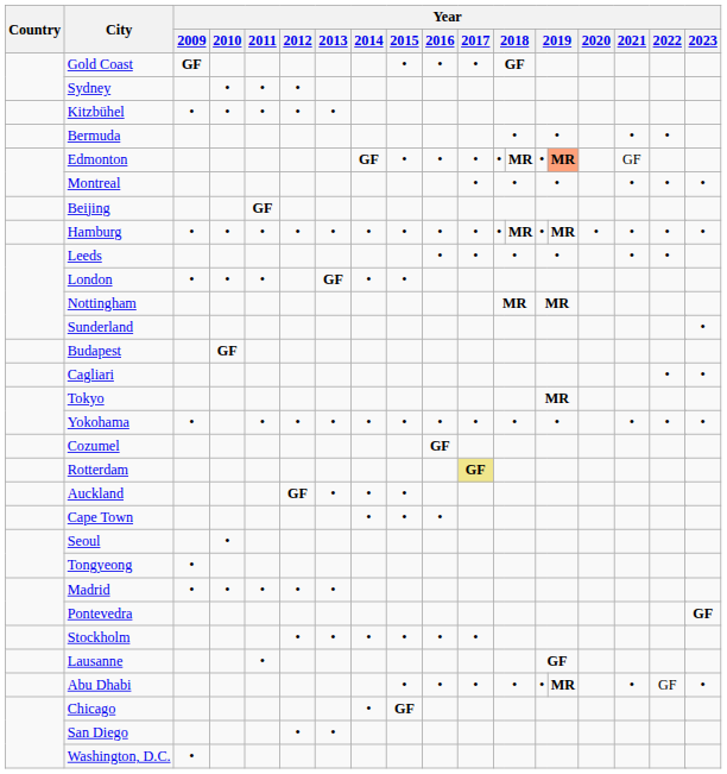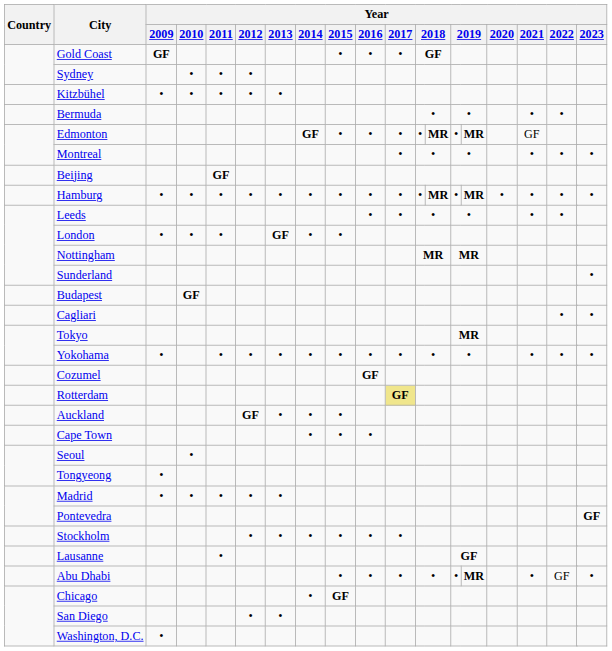 <table class="wikitable sortable" style="text-align:center; font-size:95%">
 <tr>
 <th rowspan="2">Country</th>
 <th rowspan="2">City</th>
 <th colspan="20">Year</th>
 </tr>
 <tr>
 <th><a href='#'>2009</a></th>
 <th><a href='#'>2010</a></th>
 <th><a href='#'>2011</a></th>
 <th><a href='#'>2012</a></th>
 <th><a href='#'>2013</a></th>
 <th><a href='#'>2014</a></th>
 <th><a href='#'>2015</a></th>
 <th><a href='#'>2016</a></th>
 <th><a href='#'>2017</a></th>
 <th colspan="2"><a href='#'>2018</a></th>
 <th colspan="2"><a href='#'>2019</a></th>
 <th colspan="2"><a href='#'>2020</a></th>
 <th colspan="2"><a href='#'>2021</a></th>
 <th colspan="2"><a href='#'>2022</a></th>
 <th colspan="2"><a href='#'>2023</a></th>
 </tr>
 <tr>
 <td rowspan="2" align="left"></td>
 <td align="left"><a href='#'>Gold Coast</a></td>
 <td><strong>GF</strong></td>
 <td></td>
 <td></td>
 <td></td>
 <td></td>
 <td></td>
 <td>•</td>
 <td>•</td>
 <td>•</td>
 <td colspan="2"><strong>GF</strong></td>
 <td colspan="2"></td>
 <td colspan="2"></td>
 <td colspan="2"></td>
 <td colspan="2"></td>
 <td></td>
 </tr>
 <tr>
 <td align="left"><a href='#'>Sydney</a></td>
 <td></td>
 <td>•</td>
 <td>•</td>
 <td>•</td>
 <td></td>
 <td></td>
 <td></td>
 <td></td>
 <td></td>
 <td colspan="2"></td>
 <td colspan="2"></td>
 <td colspan="2"></td>
 <td colspan="2"></td>
 <td colspan="2"></td>
 <td></td>
 </tr>
 <tr>
 <td align="left"></td>
 <td align="left"><a href='#'>Kitzbühel</a></td>
 <td>•</td>
 <td>•</td>
 <td>•</td>
 <td>•</td>
 <td>•</td>
 <td></td>
 <td></td>
 <td></td>
 <td></td>
 <td colspan="2"></td>
 <td colspan="2"></td>
 <td colspan="2"></td>
 <td colspan="2"></td>
 <td colspan="2"></td>
 <td></td>
 </tr>
 <tr>
 <td align="left"></td>
 <td align="left"><a href='#'>Bermuda</a></td>
 <td></td>
 <td></td>
 <td></td>
 <td></td>
 <td></td>
 <td></td>
 <td></td>
 <td></td>
 <td></td>
 <td colspan="2">•</td>
 <td colspan="2">•</td>
 <td colspan="2"></td>
 <td colspan="2">•</td>
 <td colspan="2">•</td>
 <td></td>
 </tr>
 <tr>
 <td rowspan="2" align="left"></td>
 <td align="left"><a href='#'>Edmonton</a></td>
 <td></td>
 <td></td>
 <td></td>
 <td></td>
 <td></td>
 <td><strong>GF</strong></td>
 <td>•</td>
 <td>•</td>
 <td>•</td>
 <td>•</td>
 <td><strong>MR</strong></td>
 <td>•</td>
-<td style="background: lightsalmon;"><strong>MR</strong></td>
+<td><strong>MR</strong></td>
 <td colspan="2"></td>
 <td colspan="2">GF</td>
 <td colspan="2"></td>
 <td></td>
 </tr>
 <tr>
 <td align="left"><a href='#'>Montreal</a></td>
 <td></td>
 <td></td>
 <td></td>
 <td></td>
 <td></td>
 <td></td>
 <td></td>
 <td></td>
 <td>•</td>
 <td colspan="2">•</td>
 <td colspan="2">•</td>
 <td colspan="2"></td>
 <td colspan="2">•</td>
 <td colspan="2">•</td>
 <td>•</td>
 </tr>
 <tr>
 <td align="left"></td>
 <td align="left"><a href='#'>Beijing</a></td>
 <td></td>
 <td></td>
 <td><strong>GF</strong></td>
 <td></td>
 <td></td>
 <td></td>
 <td></td>
 <td></td>
 <td></td>
 <td colspan="2"></td>
 <td colspan="2"></td>
 <td colspan="2"></td>
 <td colspan="2"></td>
 <td colspan="2"></td>
 <td></td>
 </tr>
 <tr>
 <td align="left"></td>
 <td align="left"><a href='#'>Hamburg</a></td>
 <td>•</td>
 <td>•</td>
 <td>•</td>
 <td>•</td>
 <td>•</td>
 <td>•</td>
 <td>•</td>
 <td>•</td>
 <td>•</td>
 <td>•</td>
 <td><strong>MR</strong></td>
 <td>•</td>
 <td><strong>MR</strong></td>
 <td colspan="2">•</td>
 <td colspan="2">•</td>
 <td colspan="2">•</td>
 <td>•</td>
 </tr>
 <tr>
 <td rowspan="4" align="left"></td>
 <td align="left"><a href='#'>Leeds</a></td>
 <td></td>
 <td></td>
 <td></td>
 <td></td>
 <td></td>
 <td></td>
 <td></td>
 <td>•</td>
 <td>•</td>
 <td colspan="2">•</td>
 <td colspan="2">•</td>
 <td colspan="2"></td>
 <td colspan="2">•</td>
 <td colspan="2">•</td>
 <td></td>
 </tr>
 <tr>
 <td align="left"><a href='#'>London</a></td>
 <td>•</td>
 <td>•</td>
 <td>•</td>
 <td></td>
 <td><strong>GF</strong></td>
 <td>•</td>
 <td>•</td>
 <td></td>
 <td></td>
 <td colspan="2"></td>
 <td colspan="2"></td>
 <td colspan="2"></td>
 <td colspan="2"></td>
 <td colspan="2"></td>
 <td></td>
 </tr>
 <tr>
 <td align="left"><a href='#'>Nottingham</a></td>
 <td></td>
 <td></td>
 <td></td>
 <td></td>
 <td></td>
 <td></td>
 <td></td>
 <td></td>
 <td></td>
 <td colspan="2"><strong>MR</strong></td>
 <td colspan="2"><strong>MR</strong></td>
 <td colspan="2"></td>
 <td colspan="2"></td>
 <td colspan="2"></td>
 <td></td>
 </tr>
 <tr>
 <td align="left"><a href='#'>Sunderland</a></td>
 <td></td>
 <td></td>
 <td></td>
 <td></td>
 <td></td>
 <td></td>
 <td></td>
 <td></td>
 <td></td>
 <td colspan="2"></td>
 <td colspan="2"></td>
 <td colspan="2"></td>
 <td colspan="2"></td>
 <td colspan="2"></td>
 <td>•</td>
 </tr>
 <tr>
 <td align="left"></td>
 <td align="left"><a href='#'>Budapest</a></td>
 <td></td>
 <td><strong>GF</strong></td>
 <td></td>
 <td></td>
 <td></td>
 <td></td>
 <td></td>
 <td></td>
 <td></td>
 <td colspan="2"></td>
 <td colspan="2"></td>
 <td colspan="2"></td>
 <td colspan="2"></td>
 <td colspan="2"></td>
 <td></td>
 </tr>
 <tr>
 <td align="left"></td>
 <td align="left"><a href='#'>Cagliari</a></td>
 <td></td>
 <td></td>
 <td></td>
 <td></td>
 <td></td>
 <td></td>
 <td></td>
 <td></td>
 <td></td>
 <td colspan="2"></td>
 <td colspan="2"></td>
 <td colspan="2"></td>
 <td colspan="2"></td>
 <td colspan="2">•</td>
 <td>•</td>
 </tr>
 <tr>
 <td rowspan="2"align="left"></td>
 <td align="left"><a href='#'>Tokyo</a></td>
 <td></td>
 <td></td>
 <td></td>
 <td></td>
 <td></td>
 <td></td>
 <td></td>
 <td></td>
 <td></td>
 <td colspan="2"></td>
 <td colspan="2"><strong>MR</strong></td>
 <td colspan="2"></td>
 <td colspan="2"></td>
 <td colspan="2"></td>
 <td></td>
 </tr>
 <tr>
 <td align="left"><a href='#'>Yokohama</a></td>
 <td>•</td>
 <td></td>
 <td>•</td>
 <td>•</td>
 <td>•</td>
 <td>•</td>
 <td>•</td>
 <td>•</td>
 <td>•</td>
 <td colspan="2">•</td>
 <td colspan="2">•</td>
 <td colspan="2"></td>
 <td colspan="2">•</td>
 <td colspan="2">•</td>
 <td>•</td>
 </tr>
 <tr>
 <td align="left"></td>
 <td align="left"><a href='#'>Cozumel</a></td>
 <td></td>
 <td></td>
 <td></td>
 <td></td>
 <td></td>
 <td></td>
 <td></td>
 <td><strong>GF</strong></td>
 <td></td>
 <td colspan="2"></td>
 <td colspan="2"></td>
 <td colspan="2"></td>
 <td colspan="2"></td>
 <td colspan="2"></td>
 <td></td>
 </tr>
 <tr>
 <td align="left"></td>
 <td align="left"><a href='#'>Rotterdam</a></td>
 <td></td>
 <td></td>
 <td></td>
 <td></td>
 <td></td>
 <td></td>
 <td></td>
 <td></td>
 <td style="background: khaki;"><strong>GF</strong></td>
 <td colspan="2"></td>
 <td colspan="2"></td>
 <td colspan="2"></td>
 <td colspan="2"></td>
 <td colspan="2"></td>
 <td></td>
 </tr>
 <tr>
 <td align="left"></td>
 <td align="left"><a href='#'>Auckland</a></td>
 <td></td>
 <td></td>
 <td></td>
 <td><strong>GF</strong></td>
 <td>•</td>
 <td>•</td>
 <td>•</td>
 <td></td>
 <td></td>
 <td colspan="2"></td>
 <td colspan="2"></td>
 <td colspan="2"></td>
 <td colspan="2"></td>
 <td colspan="2"></td>
 <td></td>
 </tr>
 <tr>
 <td align="left"></td>
 <td align="left"><a href='#'>Cape Town</a></td>
 <td></td>
 <td></td>
 <td></td>
 <td></td>
 <td></td>
 <td>•</td>
 <td>•</td>
 <td>•</td>
 <td></td>
 <td colspan="2"></td>
 <td colspan="2"></td>
 <td colspan="2"></td>
 <td colspan="2"></td>
 <td colspan="2"></td>
 <td></td>
 </tr>
 <tr>
 <td rowspan="2" align="left"></td>
 <td align="left"><a href='#'>Seoul</a></td>
 <td></td>
 <td>•</td>
 <td></td>
 <td></td>
 <td></td>
 <td></td>
 <td></td>
 <td></td>
 <td></td>
 <td colspan="2"></td>
 <td colspan="2"></td>
 <td colspan="2"></td>
 <td colspan="2"></td>
 <td colspan="2"></td>
 <td></td>
 </tr>
 <tr>
 <td align="left"><a href='#'>Tongyeong</a></td>
 <td>•</td>
 <td></td>
 <td></td>
 <td></td>
 <td></td>
 <td></td>
 <td></td>
 <td></td>
 <td></td>
 <td colspan="2"></td>
 <td colspan="2"></td>
 <td colspan="2"></td>
 <td colspan="2"></td>
 <td colspan="2"></td>
 <td></td>
 </tr>
 <tr>
 <td rowspan="2" align="left"></td>
 <td align="left"><a href='#'>Madrid</a></td>
 <td>•</td>
 <td>•</td>
 <td>•</td>
 <td>•</td>
 <td>•</td>
 <td></td>
 <td></td>
 <td></td>
 <td></td>
 <td colspan="2"></td>
 <td colspan="2"></td>
 <td colspan="2"></td>
 <td colspan="2"></td>
 <td colspan="2"></td>
 <td></td>
 </tr>
 <tr>
 <td align="left"><a href='#'>Pontevedra</a></td>
 <td></td>
 <td></td>
 <td></td>
 <td></td>
 <td></td>
 <td></td>
 <td></td>
 <td></td>
 <td></td>
 <td colspan="2"></td>
 <td colspan="2"></td>
 <td colspan="2"></td>
 <td colspan="2"></td>
 <td colspan="2"></td>
 <td><strong>GF</strong></td>
 </tr>
 <tr>
 <td align="left"></td>
 <td align="left"><a href='#'>Stockholm</a></td>
 <td></td>
 <td></td>
 <td></td>
 <td>•</td>
 <td>•</td>
 <td>•</td>
 <td>•</td>
 <td>•</td>
 <td>•</td>
 <td colspan="2"></td>
 <td colspan="2"></td>
 <td colspan="2"></td>
 <td colspan="2"></td>
 <td colspan="2"></td>
 <td></td>
 </tr>
 <tr>
 <td align="left"></td>
 <td align="left"><a href='#'>Lausanne</a></td>
 <td></td>
 <td></td>
 <td>•</td>
 <td></td>
 <td></td>
 <td></td>
 <td></td>
 <td></td>
 <td></td>
 <td colspan="2"></td>
 <td colspan="2"><strong>GF</strong></td>
 <td colspan="2"></td>
 <td colspan="2"></td>
 <td colspan="2"></td>
 <td></td>
 </tr>
 <tr>
 <td align="left"></td>
 <td align="left"><a href='#'>Abu Dhabi</a></td>
 <td></td>
 <td></td>
 <td></td>
 <td></td>
 <td></td>
 <td></td>
 <td>•</td>
 <td>•</td>
 <td>•</td>
 <td colspan="2">•</td>
 <td>•</td>
 <td><strong>MR</strong></td>
 <td colspan="2"></td>
 <td colspan="2">•</td>
 <td colspan="2">GF</td>
 <td>•</td>
 </tr>
 <tr>
 <td rowspan="3" align="left"></td>
 <td align="left"><a href='#'>Chicago</a></td>
 <td></td>
 <td></td>
 <td></td>
 <td></td>
 <td></td>
 <td>•</td>
 <td><strong>GF</strong></td>
 <td></td>
 <td></td>
 <td colspan="2"></td>
 <td colspan="2"></td>
 <td colspan="2"></td>
 <td colspan="2"></td>
 <td colspan="2"></td>
 <td></td>
 </tr>
 <tr>
 <td align="left"><a href='#'>San Diego</a></td>
 <td></td>
 <td></td>
 <td></td>
 <td>•</td>
 <td>•</td>
 <td></td>
 <td></td>
 <td></td>
 <td></td>
 <td colspan="2"></td>
 <td colspan="2"></td>
 <td colspan="2"></td>
 <td colspan="2"></td>
 <td colspan="2"></td>
 <td></td>
 </tr>
 <tr>
 <td align="left"><a href='#'>Washington, D.C.</a></td>
 <td>•</td>
 <td></td>
 <td></td>
 <td></td>
 <td></td>
 <td></td>
 <td></td>
 <td></td>
 <td></td>
 <td colspan="2"></td>
 <td colspan="2"></td>
 <td colspan="2"></td>
 <td colspan="2"></td>
 <td colspan="2"></td>
 <td></td>
 </tr>
 </table>
